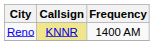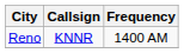 <table class="wikitable" style="font-size: 95%; text-align: center;">
 <tr>
 <th>City</th>
 <th>Callsign</th>
 <th>Frequency</th>
 </tr>
 <tr>
 <td><a href='#'>Reno</a></td>
-<td style="background: khaki;"><a href='#'>KNNR</a></td>
+<td><a href='#'>KNNR</a></td>
 <td>1400 AM</td>
 </tr>
 <tr>
 </tr>
 </table>
